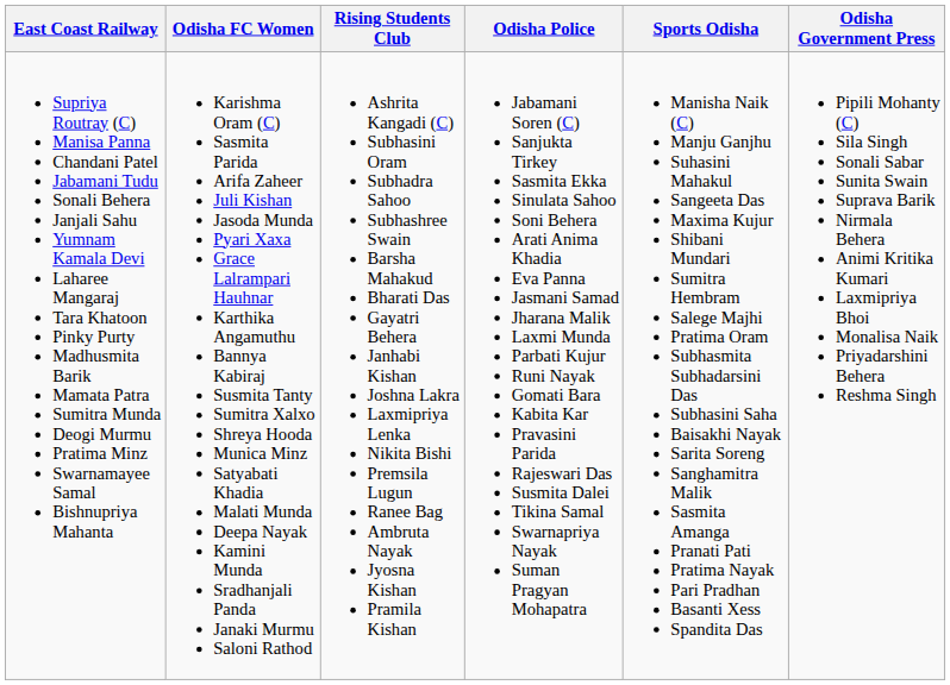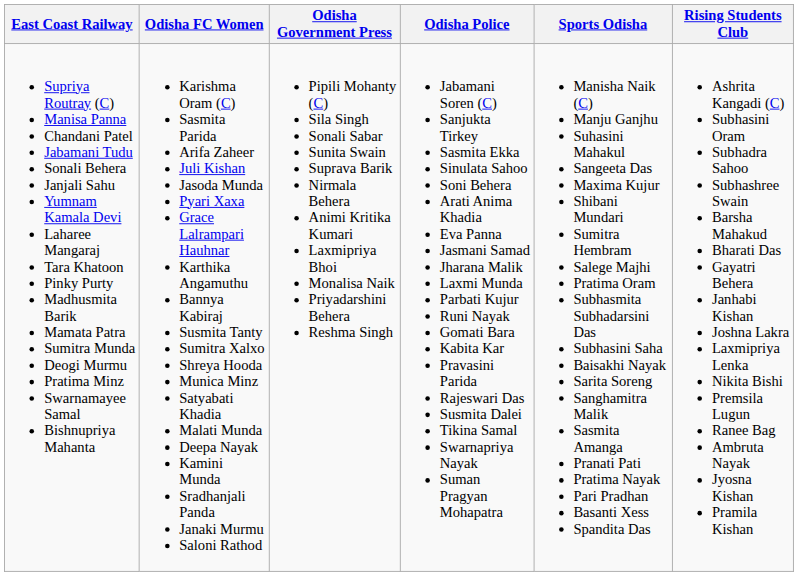 <table class="wikitable">
 <tr>
 <th><a href='#'>East Coast Railway</a></th>
 <th><a href='#'>Odisha FC Women</a></th>
-<th><a href='#'>Rising Students Club</a></th>
+<th><a href='#'>Odisha Government Press</a></th>
 <th><a href='#'>Odisha Police</a></th>
 <th><a href='#'>Sports Odisha</a></th>
-<th><a href='#'>Odisha Government Press</a></th>
+<th><a href='#'>Rising Students Club</a></th>
 </tr>
 <tr>
 <td valign=top><br><ul><li><a href='#'>Supriya Routray</a> (<a href='#'>C</a>)</li><li><a href='#'>Manisa Panna</a></li><li>Chandani Patel</li><li><a href='#'>Jabamani Tudu</a></li><li>Sonali Behera</li><li>Janjali Sahu</li><li><a href='#'>Yumnam Kamala Devi</a></li><li>Laharee Mangaraj</li><li>Tara Khatoon</li><li>Pinky Purty</li><li>Madhusmita Barik</li><li>Mamata Patra</li><li>Sumitra Munda</li><li>Deogi Murmu</li><li>Pratima Minz</li><li>Swarnamayee Samal</li><li>Bishnupriya Mahanta</li></ul></td>
 <td valign=top><br><ul><li>Karishma Oram (<a href='#'>C</a>)</li><li>Sasmita Parida</li><li>Arifa Zaheer</li><li><a href='#'>Juli Kishan</a></li><li>Jasoda Munda</li><li><a href='#'>Pyari Xaxa</a></li><li><a href='#'>Grace Lalrampari Hauhnar</a></li><li>Karthika Angamuthu</li><li>Bannya Kabiraj</li><li>Susmita Tanty</li><li>Sumitra Xalxo</li><li>Shreya Hooda</li><li>Munica Minz</li><li>Satyabati Khadia</li><li>Malati Munda</li><li>Deepa Nayak</li><li>Kamini Munda</li><li>Sradhanjali Panda</li><li>Janaki Murmu</li><li>Saloni Rathod</li></ul></td>
-<td valign=top><br><ul><li>Ashrita Kangadi (<a href='#'>C</a>)</li><li>Subhasini Oram</li><li>Subhadra Sahoo</li><li>Subhashree Swain</li><li>Barsha Mahakud</li><li>Bharati Das</li><li>Gayatri Behera</li><li>Janhabi Kishan</li><li>Joshna Lakra</li><li>Laxmipriya Lenka</li><li>Nikita Bishi</li><li>Premsila Lugun</li><li>Ranee Bag</li><li>Ambruta Nayak</li><li>Jyosna Kishan</li><li>Pramila Kishan</li></ul></td>
+<td valign=top><br><ul><li>Pipili Mohanty (<a href='#'>C</a>)</li><li>Sila Singh</li><li>Sonali Sabar</li><li>Sunita Swain</li><li>Suprava Barik</li><li>Nirmala Behera</li><li>Animi Kritika Kumari</li><li>Laxmipriya Bhoi</li><li>Monalisa Naik</li><li>Priyadarshini Behera</li><li>Reshma Singh</li></ul></td>
 <td valign=top><br><ul><li>Jabamani Soren (<a href='#'>C</a>)</li><li>Sanjukta Tirkey</li><li>Sasmita Ekka</li><li>Sinulata Sahoo</li><li>Soni Behera</li><li>Arati Anima Khadia</li><li>Eva Panna</li><li>Jasmani Samad</li><li>Jharana Malik</li><li>Laxmi Munda</li><li>Parbati Kujur</li><li>Runi Nayak</li><li>Gomati Bara</li><li>Kabita Kar</li><li>Pravasini Parida</li><li>Rajeswari Das</li><li>Susmita Dalei</li><li>Tikina Samal</li><li>Swarnapriya Nayak</li><li>Suman Pragyan Mohapatra</li></ul></td>
 <td valign=top><br><ul><li>Manisha Naik (<a href='#'>C</a>)</li><li>Manju Ganjhu</li><li>Suhasini Mahakul</li><li>Sangeeta Das</li><li>Maxima Kujur</li><li>Shibani Mundari</li><li>Sumitra Hembram</li><li>Salege Majhi</li><li>Pratima Oram</li><li>Subhasmita Subhadarsini Das</li><li>Subhasini Saha</li><li>Baisakhi Nayak</li><li>Sarita Soreng</li><li>Sanghamitra Malik</li><li>Sasmita Amanga</li><li>Pranati Pati</li><li>Pratima Nayak</li><li>Pari Pradhan</li><li>Basanti Xess</li><li>Spandita Das</li></ul></td>
-<td valign=top><br><ul><li>Pipili Mohanty (<a href='#'>C</a>)</li><li>Sila Singh</li><li>Sonali Sabar</li><li>Sunita Swain</li><li>Suprava Barik</li><li>Nirmala Behera</li><li>Animi Kritika Kumari</li><li>Laxmipriya Bhoi</li><li>Monalisa Naik</li><li>Priyadarshini Behera</li><li>Reshma Singh</li></ul></td>
+<td valign=top><br><ul><li>Ashrita Kangadi (<a href='#'>C</a>)</li><li>Subhasini Oram</li><li>Subhadra Sahoo</li><li>Subhashree Swain</li><li>Barsha Mahakud</li><li>Bharati Das</li><li>Gayatri Behera</li><li>Janhabi Kishan</li><li>Joshna Lakra</li><li>Laxmipriya Lenka</li><li>Nikita Bishi</li><li>Premsila Lugun</li><li>Ranee Bag</li><li>Ambruta Nayak</li><li>Jyosna Kishan</li><li>Pramila Kishan</li></ul></td>
 </tr>
 </table>
